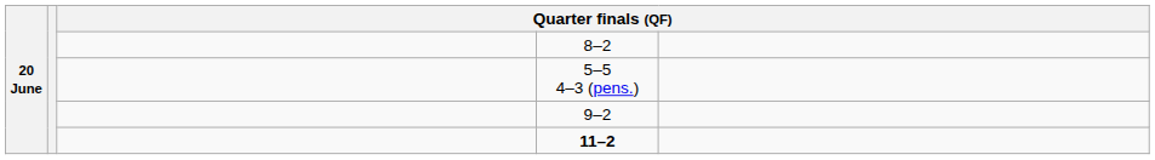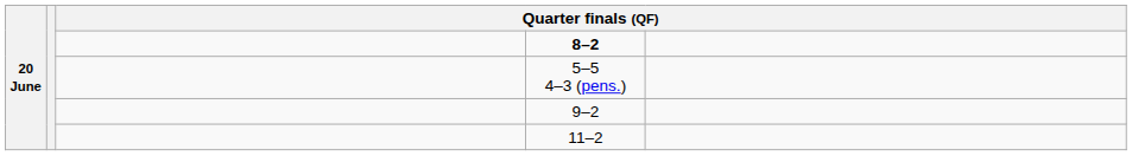 <table class="wikitable" style="font-size: 90%;">
 <tr>
 <th rowspan="5" width=30><small>20<br>June</small></th>
 <th rowspan="5" width=1></th>
 <th colspan="3">Quarter finals <small>(QF)</small></th>
 </tr>
 <tr>
 <td align="right" width=415></td>
-<td align="center" width=100>8–2</td>
+<td align="center" width=100><strong>8–2</strong></td>
 <td width=424></td>
 </tr>
 <tr>
 <td align="right"></td>
 <td align="center">5–5 <br>4–3 (<a href='#'>pens.</a>)</td>
 <td></td>
 </tr>
 <tr>
 <td align="right"></td>
 <td align="center">9–2</td>
 <td></td>
 </tr>
 <tr>
 <td align="right"></td>
-<td align="center"><strong>11–2</strong></td>
+<td align="center">11–2</td>
 <td></td>
 </tr>
 </table>
